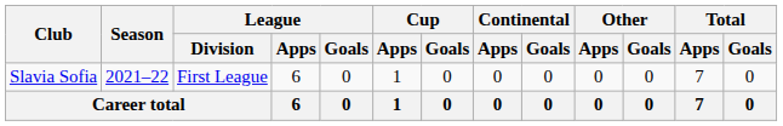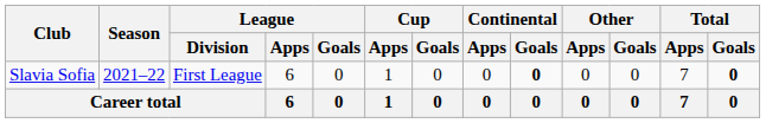 <table class="wikitable" style="text-align: center">
 <tr>
 <th rowspan="2">Club</th>
 <th rowspan="2">Season</th>
 <th colspan="3">League</th>
 <th colspan="2">Cup</th>
 <th colspan="2">Continental</th>
 <th colspan="2">Other</th>
 <th colspan="2">Total</th>
 </tr>
 <tr>
 <th>Division</th>
 <th>Apps</th>
 <th>Goals</th>
 <th>Apps</th>
 <th>Goals</th>
 <th>Apps</th>
 <th>Goals</th>
 <th>Apps</th>
 <th>Goals</th>
 <th>Apps</th>
 <th>Goals</th>
 </tr>
 <tr>
 <td><a href='#'>Slavia Sofia</a></td>
 <td><a href='#'>2021–22</a></td>
 <td><a href='#'>First League</a></td>
 <td>6</td>
 <td>0</td>
 <td>1</td>
 <td>0</td>
 <td>0</td>
-<td>0</td>
+<td><strong>0</strong></td>
 <td>0</td>
 <td>0</td>
 <td>7</td>
-<td>0</td>
+<td><strong>0</strong></td>
 </tr>
 <tr>
 <th colspan="3"><strong>Career total</strong></th>
 <th>6</th>
 <th>0</th>
 <th>1</th>
 <th>0</th>
 <th>0</th>
 <th>0</th>
 <th>0</th>
 <th>0</th>
 <th>7</th>
 <th>0</th>
 </tr>
 </table>
